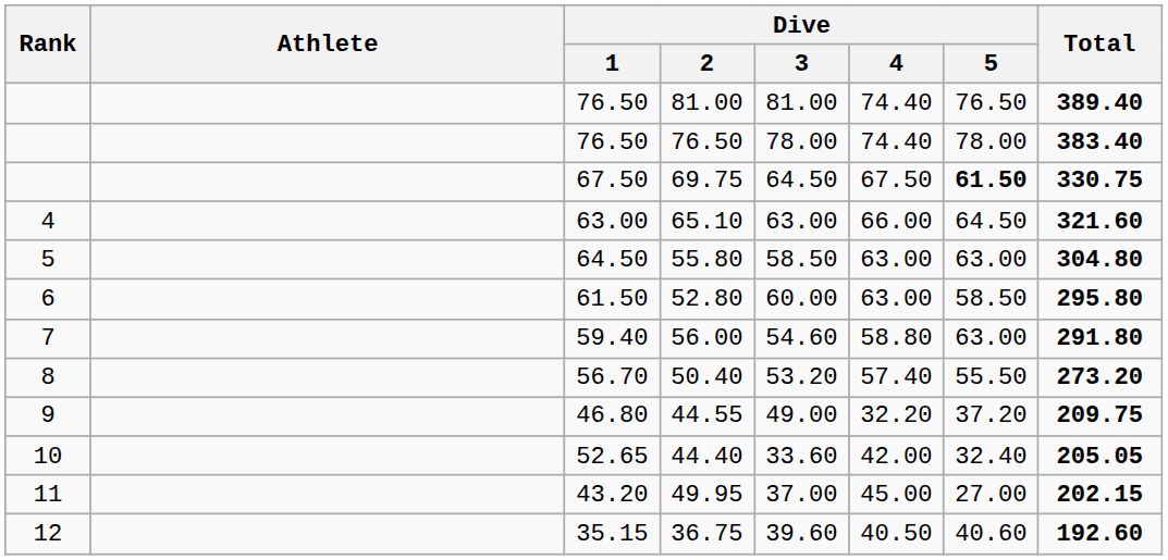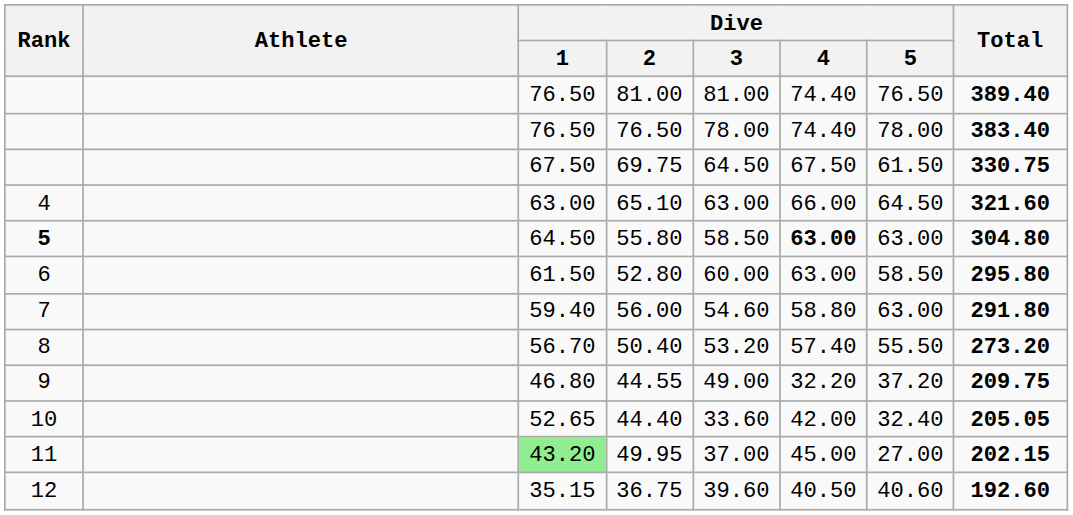 <table class=wikitable style="text-align:center">
 <tr>
 <th rowspan="2" width=40>Rank</th>
 <th rowspan="2" width=250>Athlete</th>
 <th colspan="5">Dive</th>
 <th rowspan="2" width=60>Total</th>
 </tr>
 <tr>
 <th width=45>1</th>
 <th width=45>2</th>
 <th width=45>3</th>
 <th width=45>4</th>
 <th width=45>5</th>
 </tr>
 <tr>
 <td></td>
 <td align=left></td>
 <td>76.50</td>
 <td>81.00</td>
 <td>81.00</td>
 <td>74.40</td>
 <td>76.50</td>
 <td><strong>389.40</strong></td>
 </tr>
 <tr>
 <td></td>
 <td align=left></td>
 <td>76.50</td>
 <td>76.50</td>
 <td>78.00</td>
 <td>74.40</td>
 <td>78.00</td>
 <td><strong>383.40</strong></td>
 </tr>
 <tr>
 <td></td>
 <td align=left></td>
 <td>67.50</td>
 <td>69.75</td>
 <td>64.50</td>
 <td>67.50</td>
-<td><strong>61.50</strong></td>
+<td>61.50</td>
 <td><strong>330.75</strong></td>
 </tr>
 <tr>
 <td>4</td>
 <td align=left></td>
 <td>63.00</td>
 <td>65.10</td>
 <td>63.00</td>
 <td>66.00</td>
 <td>64.50</td>
 <td><strong>321.60</strong></td>
 </tr>
 <tr>
-<td>5</td>
+<td><strong>5</strong></td>
 <td align=left></td>
 <td>64.50</td>
 <td>55.80</td>
 <td>58.50</td>
-<td>63.00</td>
+<td><strong>63.00</strong></td>
 <td>63.00</td>
 <td><strong>304.80</strong></td>
 </tr>
 <tr>
 <td>6</td>
 <td align=left></td>
 <td>61.50</td>
 <td>52.80</td>
 <td>60.00</td>
 <td>63.00</td>
 <td>58.50</td>
 <td><strong>295.80</strong></td>
 </tr>
 <tr>
 <td>7</td>
 <td align=left></td>
 <td>59.40</td>
 <td>56.00</td>
 <td>54.60</td>
 <td>58.80</td>
 <td>63.00</td>
 <td><strong>291.80</strong></td>
 </tr>
 <tr>
 <td>8</td>
 <td align=left></td>
 <td>56.70</td>
 <td>50.40</td>
 <td>53.20</td>
 <td>57.40</td>
 <td>55.50</td>
 <td><strong>273.20</strong></td>
 </tr>
 <tr>
 <td>9</td>
 <td align=left></td>
 <td>46.80</td>
 <td>44.55</td>
 <td>49.00</td>
 <td>32.20</td>
 <td>37.20</td>
 <td><strong>209.75</strong></td>
 </tr>
 <tr>
 <td>10</td>
 <td align=left></td>
 <td>52.65</td>
 <td>44.40</td>
 <td>33.60</td>
 <td>42.00</td>
 <td>32.40</td>
 <td><strong>205.05</strong></td>
 </tr>
 <tr>
 <td>11</td>
 <td align=left></td>
-<td>43.20</td>
+<td style="background: lightgreen;">43.20</td>
 <td>49.95</td>
 <td>37.00</td>
 <td>45.00</td>
 <td>27.00</td>
 <td><strong>202.15</strong></td>
 </tr>
 <tr>
 <td>12</td>
 <td align=left></td>
 <td>35.15</td>
 <td>36.75</td>
 <td>39.60</td>
 <td>40.50</td>
 <td>40.60</td>
 <td><strong>192.60</strong></td>
 </tr>
 </table>
